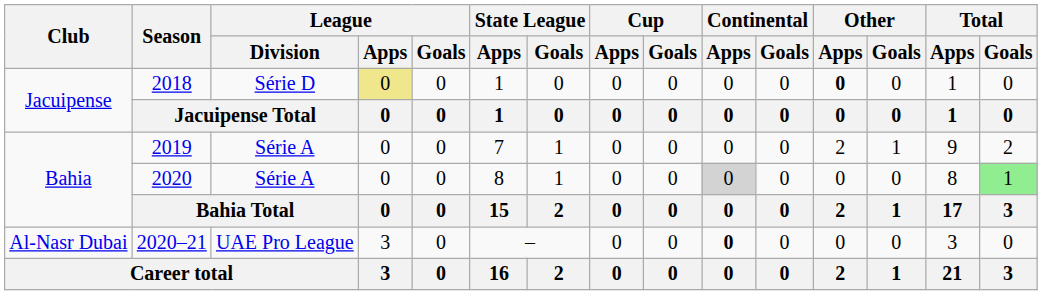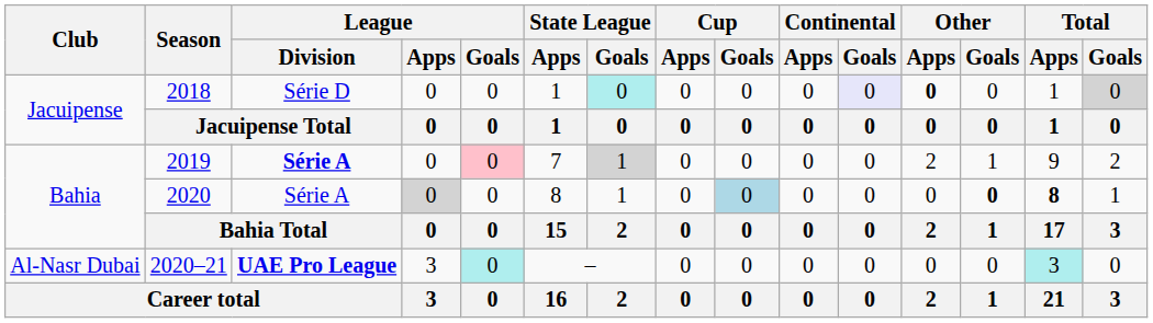 <table class="wikitable" style="text-align: center">
 <tr>
 <th rowspan="2">Club</th>
 <th rowspan="2">Season</th>
 <th colspan="3">League</th>
 <th colspan="2">State League</th>
 <th colspan="2">Cup</th>
 <th colspan="2">Continental</th>
 <th colspan="2">Other</th>
 <th colspan="2">Total</th>
 </tr>
 <tr>
 <th>Division</th>
 <th>Apps</th>
 <th>Goals</th>
 <th>Apps</th>
 <th>Goals</th>
 <th>Apps</th>
 <th>Goals</th>
 <th>Apps</th>
 <th>Goals</th>
 <th>Apps</th>
 <th>Goals</th>
 <th>Apps</th>
 <th>Goals</th>
 </tr>
 <tr>
 <td rowspan="2"><a href='#'>Jacuipense</a></td>
 <td><a href='#'>2018</a></td>
 <td><a href='#'>Série D</a></td>
-<td style="background: khaki;">0</td>
+<td>0</td>
 <td>0</td>
 <td>1</td>
+<td style="background: paleturquoise;">0</td>
 <td>0</td>
 <td>0</td>
 <td>0</td>
-<td>0</td>
-<td>0</td>
+<td style="background: lavender;">0</td>
 <td><strong>0</strong></td>
 <td>0</td>
 <td>1</td>
-<td>0</td>
+<td style="background: lightgrey;">0</td>
 </tr>
 <tr>
 <th colspan="2"><strong>Jacuipense Total</strong></th>
 <th>0</th>
 <th>0</th>
 <th>1</th>
 <th>0</th>
 <th>0</th>
 <th>0</th>
 <th>0</th>
 <th>0</th>
 <th>0</th>
 <th>0</th>
 <th>1</th>
 <th>0</th>
 </tr>
 <tr>
 <td rowspan="3"><a href='#'>Bahia</a></td>
 <td><a href='#'>2019</a></td>
-<td><a href='#'>Série A</a></td>
+<td><strong><a href='#'>Série A</a></strong></td>
 <td>0</td>
-<td>0</td>
+<td style="background: pink;">0</td>
 <td>7</td>
-<td>1</td>
+<td style="background: lightgrey;">1</td>
 <td>0</td>
 <td>0</td>
 <td>0</td>
 <td>0</td>
 <td>2</td>
 <td>1</td>
 <td>9</td>
 <td>2</td>
 </tr>
 <tr>
 <td><a href='#'>2020</a></td>
 <td><a href='#'>Série A</a></td>
-<td>0</td>
+<td style="background: lightgrey;">0</td>
 <td>0</td>
 <td>8</td>
 <td>1</td>
 <td>0</td>
-<td>0</td>
-<td style="background: lightgrey;">0</td>
+<td style="background: lightblue;">0</td>
 <td>0</td>
 <td>0</td>
 <td>0</td>
-<td>8</td>
-<td style="background: lightgreen;">1</td>
+<td><strong>0</strong></td>
+<td><strong>8</strong></td>
+<td>1</td>
 </tr>
 <tr>
 <th colspan="2"><strong>Bahia Total</strong></th>
 <th>0</th>
 <th>0</th>
 <th>15</th>
 <th>2</th>
 <th>0</th>
 <th>0</th>
 <th>0</th>
 <th>0</th>
 <th>2</th>
 <th>1</th>
 <th>17</th>
 <th>3</th>
 </tr>
 <tr>
 <td><a href='#'>Al-Nasr Dubai</a></td>
 <td><a href='#'>2020–21</a></td>
-<td><a href='#'>UAE Pro League</a></td>
+<td><strong><a href='#'>UAE Pro League</a></strong></td>
 <td>3</td>
-<td>0</td>
+<td style="background: paleturquoise;">0</td>
 <td colspan="2">–</td>
 <td>0</td>
 <td>0</td>
-<td><strong>0</strong></td>
 <td>0</td>
 <td>0</td>
 <td>0</td>
-<td>3</td>
+<td>0</td>
+<td style="background: paleturquoise;">3</td>
 <td>0</td>
 </tr>
 <tr>
 <th colspan="3"><strong>Career total</strong></th>
 <th>3</th>
 <th>0</th>
 <th>16</th>
 <th>2</th>
 <th>0</th>
 <th>0</th>
 <th>0</th>
 <th>0</th>
 <th>2</th>
 <th>1</th>
 <th>21</th>
 <th>3</th>
 </tr>
 </table>
